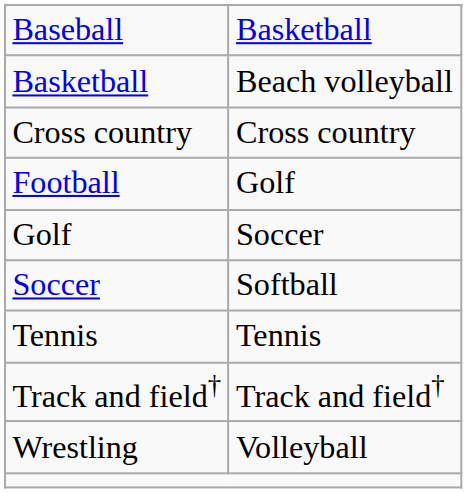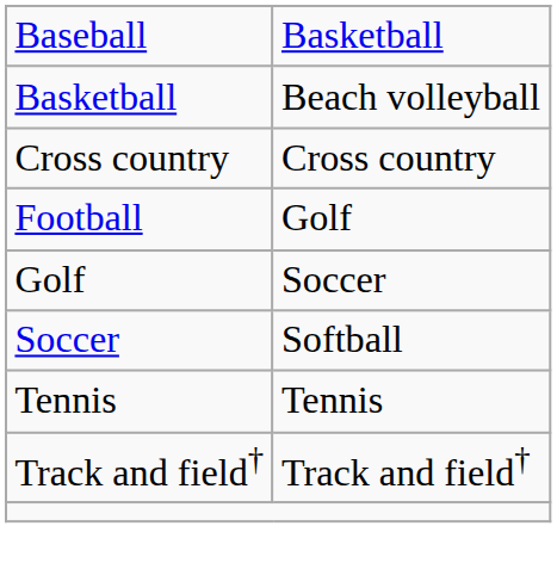 <table class="wikitable" style=" ">
 <tr>
 </tr>
 <tr>
 <td><a href='#'>Baseball</a></td>
 <td><a href='#'>Basketball</a></td>
 </tr>
 <tr>
 <td><a href='#'>Basketball</a></td>
 <td>Beach volleyball</td>
 </tr>
 <tr>
 <td>Cross country</td>
 <td>Cross country</td>
 </tr>
 <tr>
 <td><a href='#'>Football</a></td>
 <td>Golf</td>
 </tr>
 <tr>
 <td>Golf</td>
 <td>Soccer</td>
 </tr>
 <tr>
 <td><a href='#'>Soccer</a></td>
 <td>Softball</td>
 </tr>
 <tr>
 <td>Tennis</td>
 <td>Tennis</td>
 </tr>
 <tr>
 <td>Track and field<sup>†</sup></td>
 <td>Track and field<sup>†</sup></td>
 </tr>
 <tr>
-<td>Wrestling</td>
-<td>Volleyball</td>
-</tr>
-<tr>
 <td colspan="2"></td>
 </tr>
 </table>
